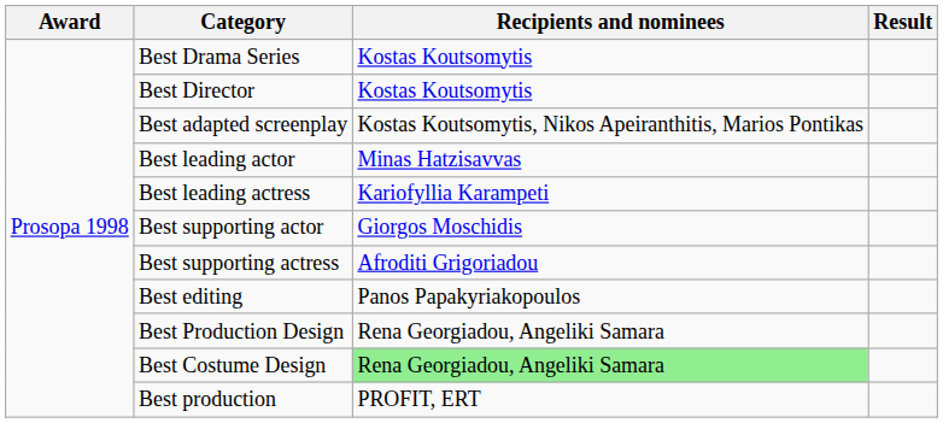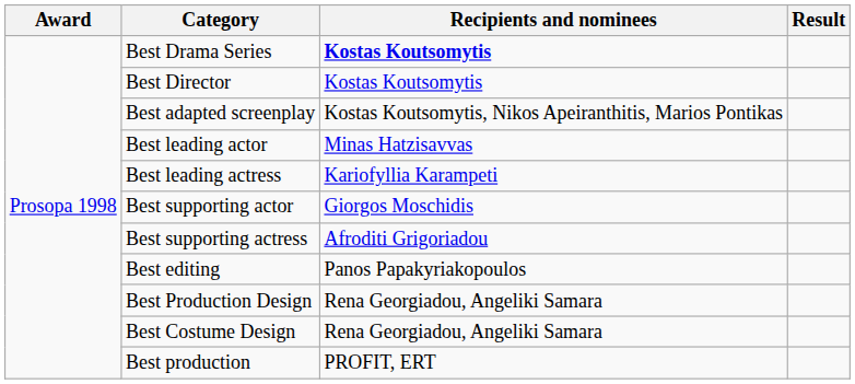 <table class="wikitable">
 <tr>
 <th>Award</th>
 <th>Category</th>
 <th>Recipients and nominees</th>
 <th>Result</th>
 </tr>
 <tr>
 <td rowspan="11"><a href='#'>Prosopa 1998</a></td>
 <td>Best Drama Series</td>
-<td><a href='#'>Kostas Koutsomytis</a></td>
+<td><strong><a href='#'>Kostas Koutsomytis</a></strong></td>
 <td></td>
 </tr>
 <tr>
 <td>Best Director</td>
 <td><a href='#'>Kostas Koutsomytis</a></td>
 <td></td>
 </tr>
 <tr>
 <td>Best adapted screenplay</td>
 <td>Kostas Koutsomytis, Nikos Apeiranthitis, Marios Pontikas</td>
 <td></td>
 </tr>
 <tr>
 <td>Best leading actor</td>
 <td><a href='#'>Minas Hatzisavvas</a></td>
 <td></td>
 </tr>
 <tr>
 <td>Best leading actress</td>
 <td><a href='#'>Kariofyllia Karampeti</a></td>
 <td></td>
 </tr>
 <tr>
 <td>Best supporting actor</td>
 <td><a href='#'>Giorgos Moschidis</a></td>
 <td></td>
 </tr>
 <tr>
 <td>Best supporting actress</td>
 <td><a href='#'>Afroditi Grigoriadou</a></td>
 <td></td>
 </tr>
 <tr>
 <td>Best editing</td>
 <td>Panos Papakyriakopoulos</td>
 <td></td>
 </tr>
 <tr>
 <td>Best Production Design</td>
 <td>Rena Georgiadou, Angeliki Samara</td>
 <td></td>
 </tr>
 <tr>
 <td>Best Costume Design</td>
-<td style="background: lightgreen;">Rena Georgiadou, Angeliki Samara</td>
+<td>Rena Georgiadou, Angeliki Samara</td>
 <td></td>
 </tr>
 <tr>
 <td>Best production</td>
 <td>PROFIT, ERT</td>
 <td></td>
 </tr>
 </table>
